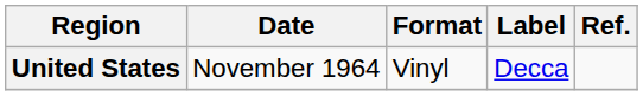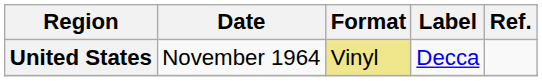 <table class="wikitable plainrowheaders">
 <tr>
 <th scope="col">Region</th>
 <th scope="col">Date</th>
 <th scope="col">Format</th>
 <th scope="col">Label</th>
 <th scope="col">Ref.</th>
 </tr>
 <tr>
 <th scope="row">United States</th>
 <td>November 1964</td>
-<td>Vinyl</td>
+<td style="background: khaki;">Vinyl</td>
 <td><a href='#'>Decca</a></td>
 <td></td>
 </tr>
 <tr>
 </tr>
 </table>
